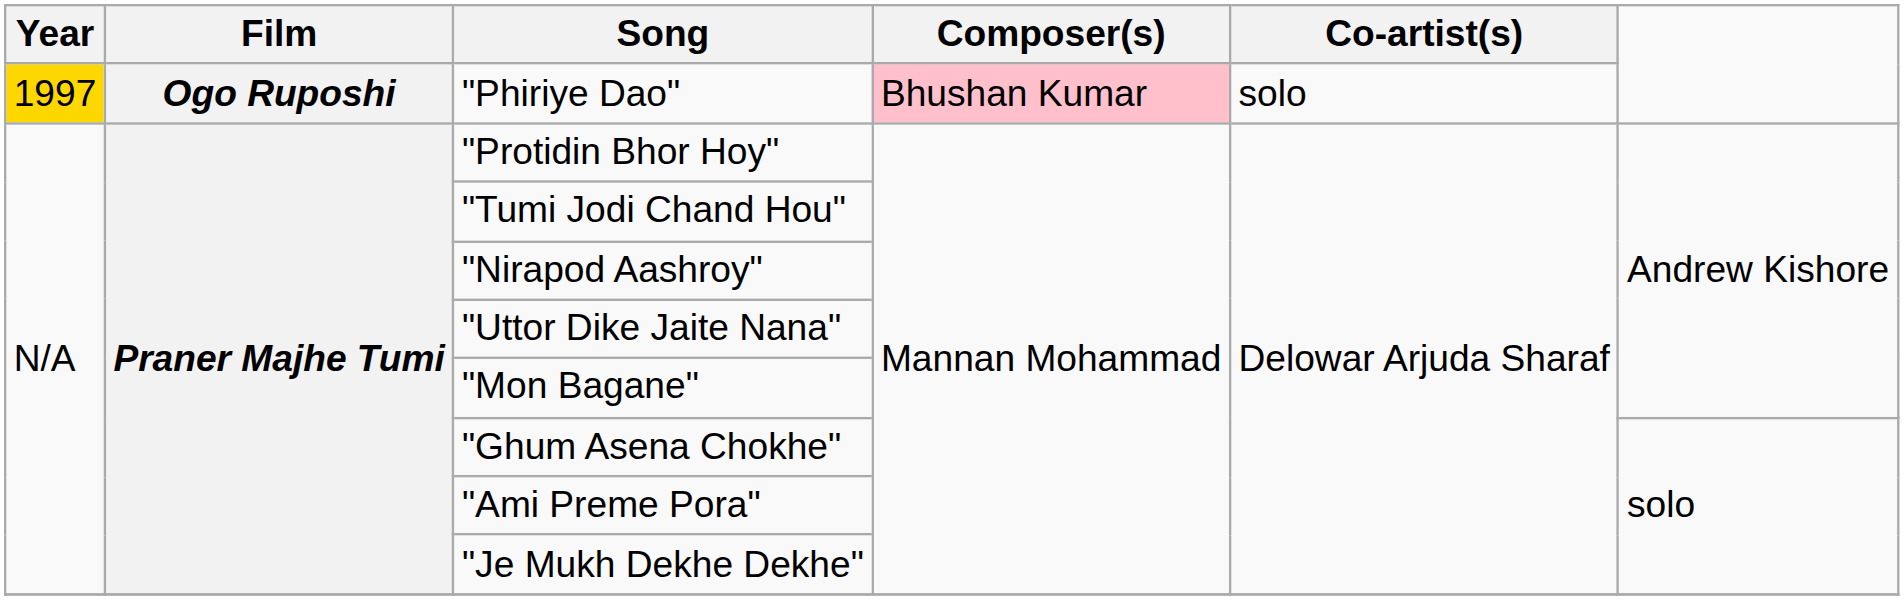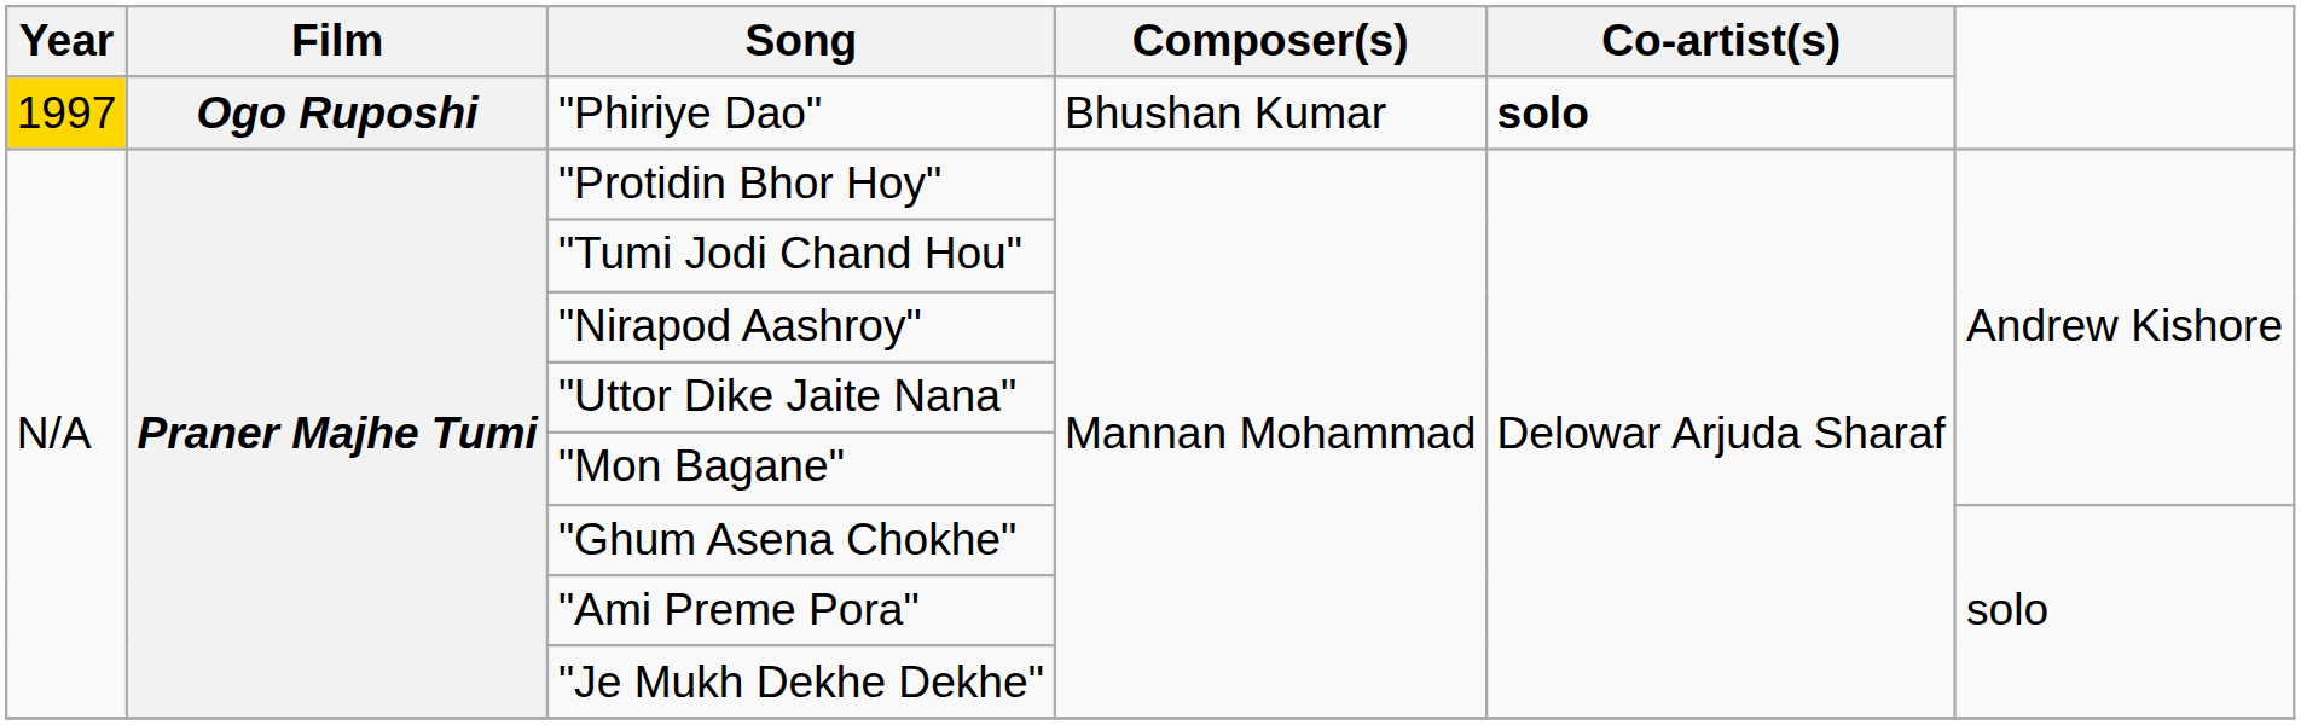 <table class="wikitable">
 <tr>
 <th>Year</th>
 <th>Film</th>
 <th>Song</th>
 <th>Composer(s)</th>
 <th>Co-artist(s)</th>
 </tr>
 <tr>
 <td style="background: gold;">1997</td>
 <th><em>Ogo Ruposhi</em></th>
 <td>"Phiriye Dao"</td>
-<td style="background: pink;">Bhushan Kumar</td>
-<td>solo</td>
+<td>Bhushan Kumar</td>
+<td><strong>solo</strong></td>
 </tr>
 <tr>
 <td rowspan=8>N/A</td>
 <th Rowspan=8><em>Praner Majhe Tumi</em></th>
 <td>"Protidin Bhor Hoy"</td>
 <td rowspan=8>Mannan Mohammad</td>
 <td rowspan=8>Delowar Arjuda Sharaf</td>
 <td Rowspan=5>Andrew Kishore</td>
 </tr>
 <tr>
 <td>"Tumi Jodi Chand Hou"</td>
 </tr>
 <tr>
 <td>"Nirapod Aashroy"</td>
 </tr>
 <tr>
 <td>"Uttor Dike Jaite Nana"</td>
 </tr>
 <tr>
 <td>"Mon Bagane"</td>
 </tr>
 <tr>
 <td>"Ghum Asena Chokhe"</td>
 <td rowspan=3>solo</td>
 </tr>
 <tr>
 <td>"Ami Preme Pora"</td>
 </tr>
 <tr>
 <td>"Je Mukh Dekhe Dekhe"</td>
 </tr>
 <tr>
 </tr>
 </table>
